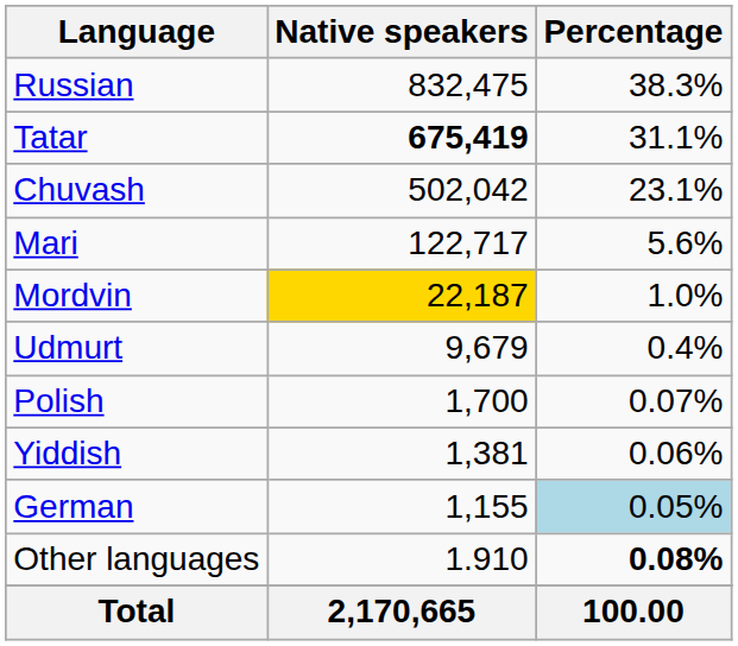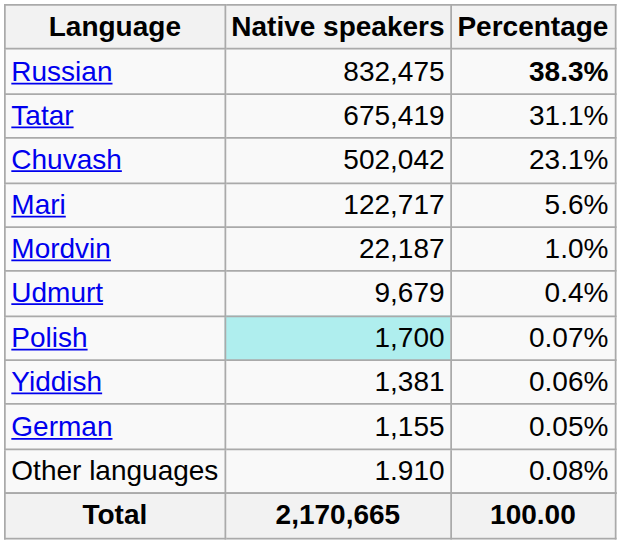 <table class="wikitable sortable">
 <tr>
 <th>Language</th>
 <th>Native speakers</th>
 <th>Percentage</th>
 </tr>
 <tr>
 <td><a href='#'>Russian</a></td>
 <td align="right">832,475</td>
-<td align="right">38.3%</td>
+<td align="right"><strong>38.3%</strong></td>
 </tr>
 <tr>
 <td><a href='#'>Tatar</a></td>
-<td align="right"><strong>675,419</strong></td>
+<td align="right">675,419</td>
 <td align="right">31.1%</td>
 </tr>
 <tr>
 <td><a href='#'>Chuvash</a></td>
 <td align="right">502,042</td>
 <td align="right">23.1%</td>
 </tr>
 <tr>
 <td><a href='#'>Mari</a></td>
 <td align="right">122,717</td>
 <td align="right">5.6%</td>
 </tr>
 <tr>
 <td><a href='#'>Mordvin</a></td>
-<td align="right" style="background: gold;">22,187</td>
+<td align="right">22,187</td>
 <td align="right">1.0%</td>
 </tr>
 <tr>
 <td><a href='#'>Udmurt</a></td>
 <td align="right">9,679</td>
 <td align="right">0.4%</td>
 </tr>
 <tr>
 <td><a href='#'>Polish</a></td>
-<td align="right">1,700</td>
+<td align="right" style="background: paleturquoise;">1,700</td>
 <td align="right">0.07%</td>
 </tr>
 <tr>
 <td><a href='#'>Yiddish</a></td>
 <td align="right">1,381</td>
 <td align="right">0.06%</td>
 </tr>
 <tr>
 <td><a href='#'>German</a></td>
 <td align="right">1,155</td>
-<td align="right" style="background: lightblue;">0.05%</td>
+<td align="right">0.05%</td>
 </tr>
 <tr>
 <td>Other languages</td>
 <td align="right">1.910</td>
-<td align="right"><strong>0.08%</strong></td>
+<td align="right">0.08%</td>
 </tr>
 <tr>
 </tr>
 <tr>
 <th>Total</th>
 <th>2,170,665</th>
 <th>100.00</th>
 </tr>
 </table>
